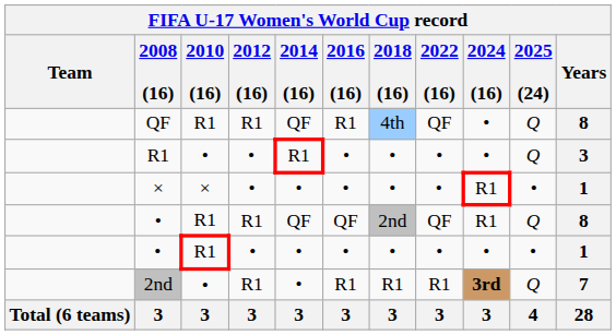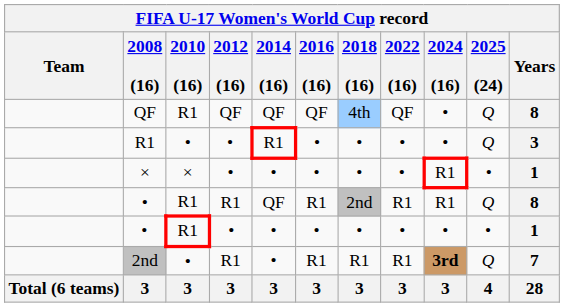 <table class="wikitable">
 <tr style="background:#cccccc;" align=center>
 <th colspan=21><a href='#'>FIFA U-17 Women's World Cup</a> record</th>
 </tr>
 <tr>
 <th>Team</th>
 <th><a href='#'>2008</a><br><br>(16)</th>
 <th><a href='#'>2010</a><br><br>(16)</th>
 <th><a href='#'>2012</a><br><br>(16)</th>
 <th><a href='#'>2014</a><br><br>(16)</th>
 <th><a href='#'>2016</a><br><br>(16)</th>
 <th><a href='#'>2018</a><br><br>(16)</th>
 <th><a href='#'>2022</a><br><br>(16)</th>
 <th><a href='#'>2024</a><br><br>(16)</th>
 <th><a href='#'>2025</a><br><br>(24)</th>
 <th>Years</th>
 </tr>
 <tr align=center>
 <td align=left></td>
 <td>QF</td>
 <td>R1</td>
-<td>R1</td>
 <td>QF</td>
-<td>R1</td>
+<td>QF</td>
+<td>QF</td>
 <td bgcolor=#9acdff>4th</td>
 <td>QF</td>
 <td>•</td>
 <td><em>Q</em></td>
 <th>8</th>
 </tr>
 <tr align=center>
 <td align=left></td>
 <td>R1</td>
 <td>•</td>
 <td>•</td>
 <td style="border: 3px solid red">R1</td>
 <td>•</td>
 <td>•</td>
 <td>•</td>
 <td>•</td>
 <td><em>Q</em></td>
 <th>3</th>
 </tr>
 <tr align=center>
 <td align=left></td>
 <td>×</td>
 <td>×</td>
 <td>•</td>
 <td>•</td>
 <td>•</td>
 <td>•</td>
 <td>•</td>
 <td style="border: 3px solid red">R1</td>
 <td>•</td>
 <th>1</th>
 </tr>
 <tr align=center>
 <td align=left></td>
 <td>•</td>
 <td>R1</td>
 <td>R1</td>
 <td>QF</td>
-<td>QF</td>
+<td>R1</td>
 <td bgcolor=silver>2nd</td>
-<td>QF</td>
+<td>R1</td>
 <td>R1</td>
 <td><em>Q</em></td>
 <th>8</th>
 </tr>
 <tr align=center>
 <td align=left></td>
 <td>•</td>
 <td style="border: 3px solid red">R1</td>
 <td>•</td>
 <td>•</td>
 <td>•</td>
 <td>•</td>
 <td>•</td>
 <td>•</td>
 <td>•</td>
 <th>1</th>
 </tr>
 <tr align=center>
 <td align=left></td>
 <td bgcolor=silver>2nd</td>
 <td>•</td>
 <td>R1</td>
 <td>•</td>
 <td>R1</td>
 <td>R1</td>
 <td>R1</td>
 <td bgcolor=#cc9966><strong>3rd</strong></td>
 <td><em>Q</em></td>
 <th>7</th>
 </tr>
 <tr align=center>
 <th align=left><strong>Total (6 teams)</strong></th>
 <th><strong>3</strong></th>
 <th><strong>3</strong></th>
 <th><strong>3</strong></th>
 <th><strong>3</strong></th>
 <th><strong>3</strong></th>
 <th><strong>3</strong></th>
 <th><strong>3</strong></th>
 <th><strong>3</strong></th>
 <th><strong>4</strong></th>
 <th>28</th>
 </tr>
 </table>
